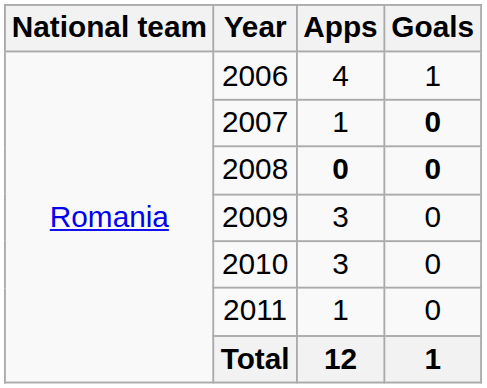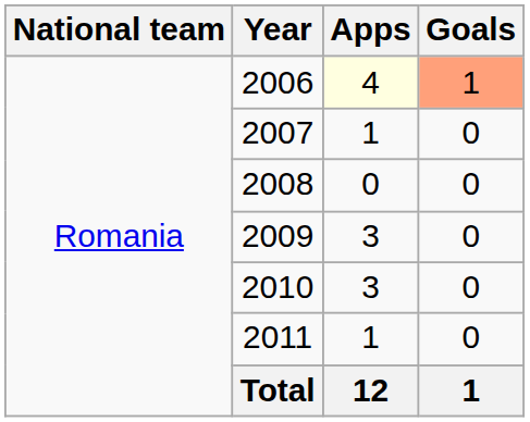 <table class="wikitable" style="text-align: center;">
 <tr>
 <th>National team</th>
 <th>Year</th>
 <th>Apps</th>
 <th>Goals</th>
 </tr>
 <tr>
 <td rowspan="7"><a href='#'>Romania</a></td>
 <td>2006</td>
-<td>4</td>
-<td>1</td>
+<td style="background: lightyellow;">4</td>
+<td style="background: lightsalmon;">1</td>
 </tr>
 <tr>
 <td>2007</td>
 <td>1</td>
-<td><strong>0</strong></td>
+<td>0</td>
 </tr>
 <tr>
 <td>2008</td>
-<td><strong>0</strong></td>
-<td><strong>0</strong></td>
+<td>0</td>
+<td>0</td>
 </tr>
 <tr>
 <td>2009</td>
 <td>3</td>
 <td>0</td>
 </tr>
 <tr>
 <td>2010</td>
 <td>3</td>
 <td>0</td>
 </tr>
 <tr>
 <td>2011</td>
 <td>1</td>
 <td>0</td>
 </tr>
 <tr>
 <th>Total</th>
 <th>12</th>
 <th>1</th>
 </tr>
 </table>
